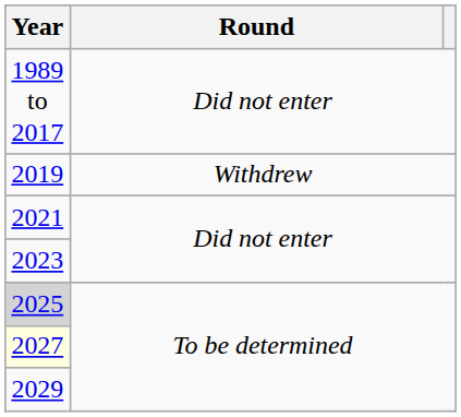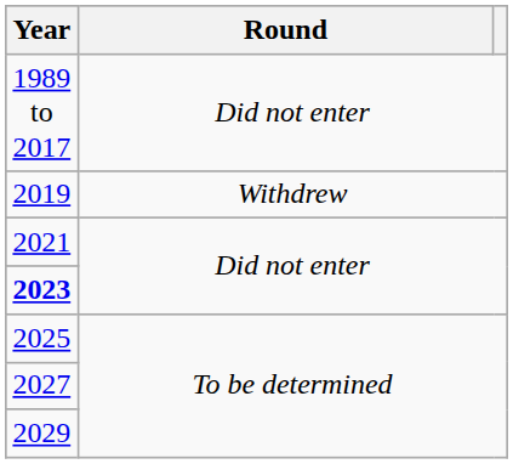 <table class="wikitable" style="text-align: center; font-size:90%">
 <tr>
 <th>Year</th>
 <th style="width:200px">Round</th>
 <th></th>
 </tr>
 <tr>
 <td><a href='#'>1989</a><br>to<br><a href='#'>2017</a></td>
 <td colspan="2"><em>Did not enter</em></td>
 </tr>
 <tr>
 <td><a href='#'>2019</a></td>
 <td colspan="2"><em>Withdrew</em></td>
 </tr>
 <tr>
 <td><a href='#'>2021</a></td>
 <td colspan="2" rowspan="2"><em>Did not enter</em></td>
 </tr>
 <tr>
-<td><a href='#'>2023</a></td>
+<td><strong><a href='#'>2023</a></strong></td>
 </tr>
 <tr>
-<td style="background: lightgrey;"><a href='#'>2025</a></td>
+<td><a href='#'>2025</a></td>
 <td colspan="2" rowspan="3"><em>To be determined</em></td>
 </tr>
 <tr>
-<td style="background: lightyellow;"><a href='#'>2027</a></td>
+<td><a href='#'>2027</a></td>
 </tr>
 <tr>
 <td><a href='#'>2029</a></td>
 </tr>
 </table>
